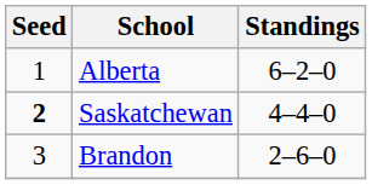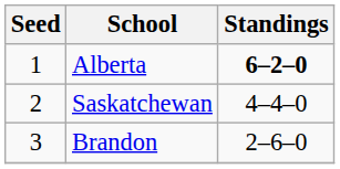 <table class="wikitable">
 <tr>
 <th>Seed</th>
 <th>School</th>
 <th>Standings</th>
 </tr>
 <tr>
 <td align=center>1</td>
 <td><a href='#'>Alberta</a></td>
-<td align=center>6–2–0</td>
+<td align=center><strong>6–2–0</strong></td>
 </tr>
 <tr>
-<td align=center><strong>2</strong></td>
+<td align=center>2</td>
 <td><a href='#'>Saskatchewan</a></td>
 <td align=center>4–4–0</td>
 </tr>
 <tr>
 <td align=center>3</td>
 <td><a href='#'>Brandon</a></td>
 <td align=center>2–6–0</td>
 </tr>
 <tr>
 </tr>
 </table>
